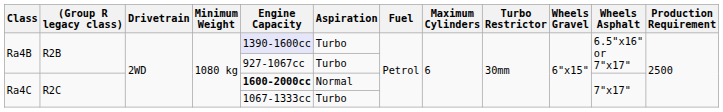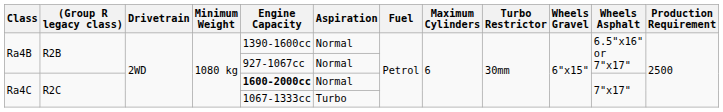 <table class="wikitable">
 <tr>
 <th>Class</th>
 <th>(Group R<br>legacy class)</th>
 <th>Drivetrain</th>
 <th>Minimum<br>Weight</th>
 <th>Engine<br>Capacity</th>
 <th>Aspiration</th>
 <th>Fuel</th>
 <th>Maximum<br>Cylinders</th>
 <th>Turbo<br>Restrictor</th>
 <th>Wheels<br>Gravel</th>
 <th>Wheels<br>Asphalt</th>
 <th>Production<br>Requirement</th>
 </tr>
 <tr>
 <td rowspan="2">Ra4B</td>
 <td rowspan="2">R2B</td>
 <td rowspan="4">2WD</td>
 <td rowspan="4">1080 kg</td>
-<td style="background: lavender;">1390-1600cc</td>
-<td>Turbo</td>
+<td>1390-1600cc</td>
+<td>Normal</td>
 <td rowspan="4">Petrol</td>
 <td rowspan="4">6</td>
 <td rowspan="4">30mm</td>
 <td rowspan="4">6"x15"</td>
 <td rowspan="2">6.5"x16"<br>or<br>7"x17"</td>
 <td rowspan="4">2500</td>
 </tr>
 <tr>
 <td>927-1067cc</td>
-<td>Turbo</td>
+<td>Normal</td>
 </tr>
 <tr>
 <td rowspan="2">Ra4C</td>
 <td rowspan="2">R2C</td>
 <td><strong>1600-2000cc</strong></td>
 <td>Normal</td>
 <td rowspan="2">7"x17"</td>
 </tr>
 <tr>
 <td>1067-1333cc</td>
 <td>Turbo</td>
 </tr>
 </table>
